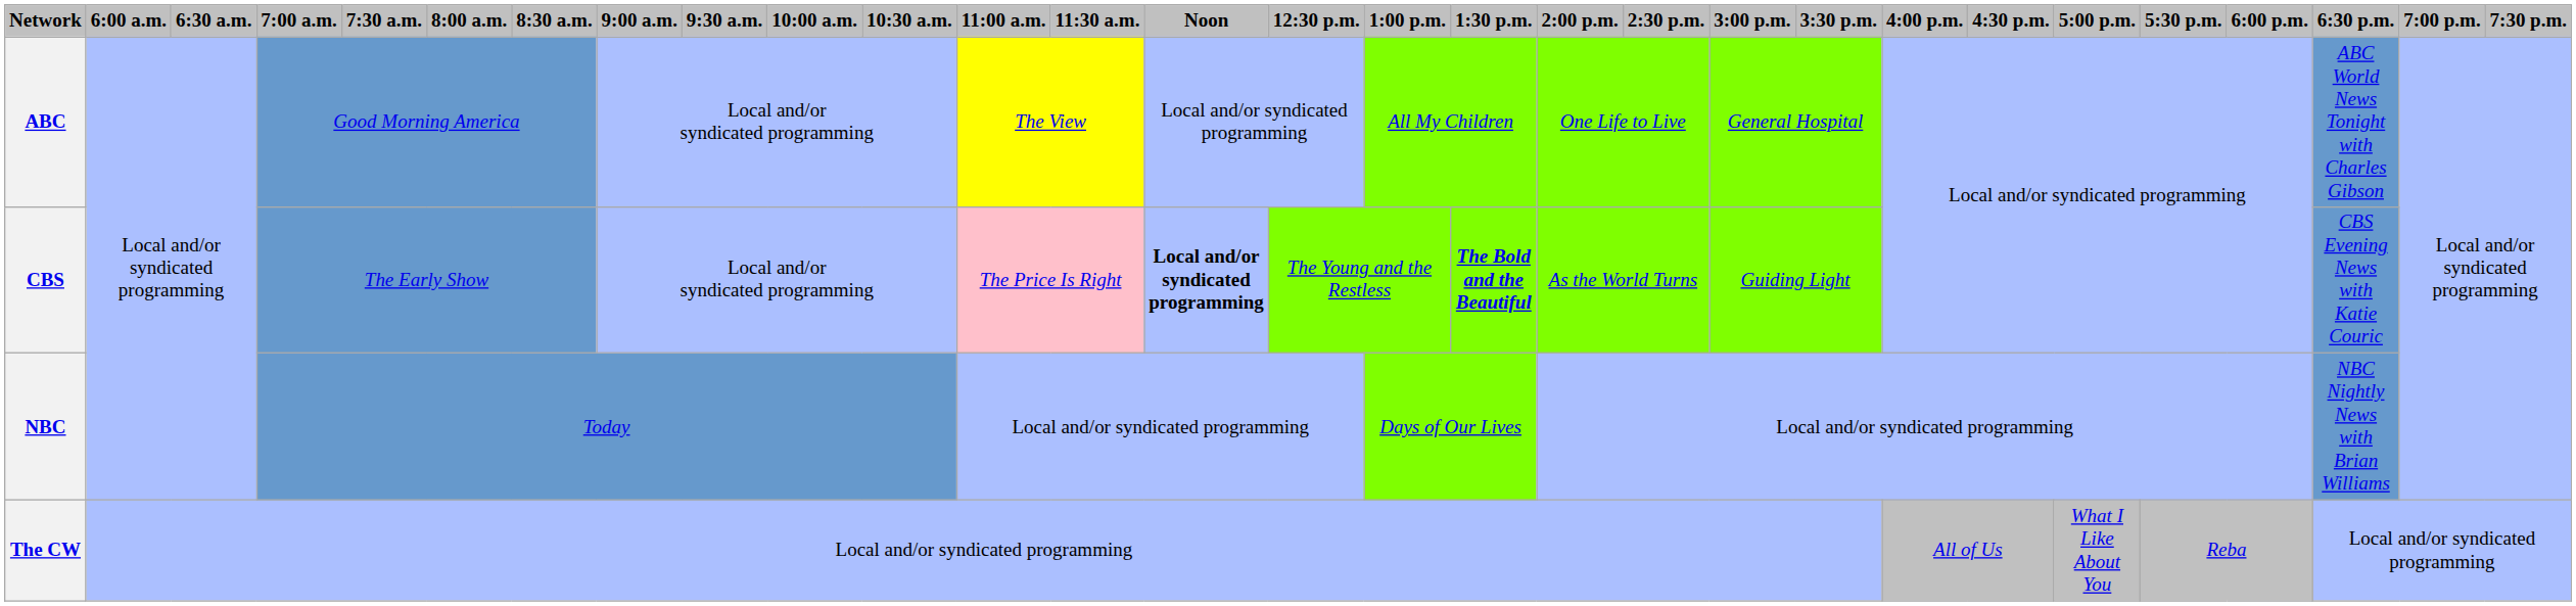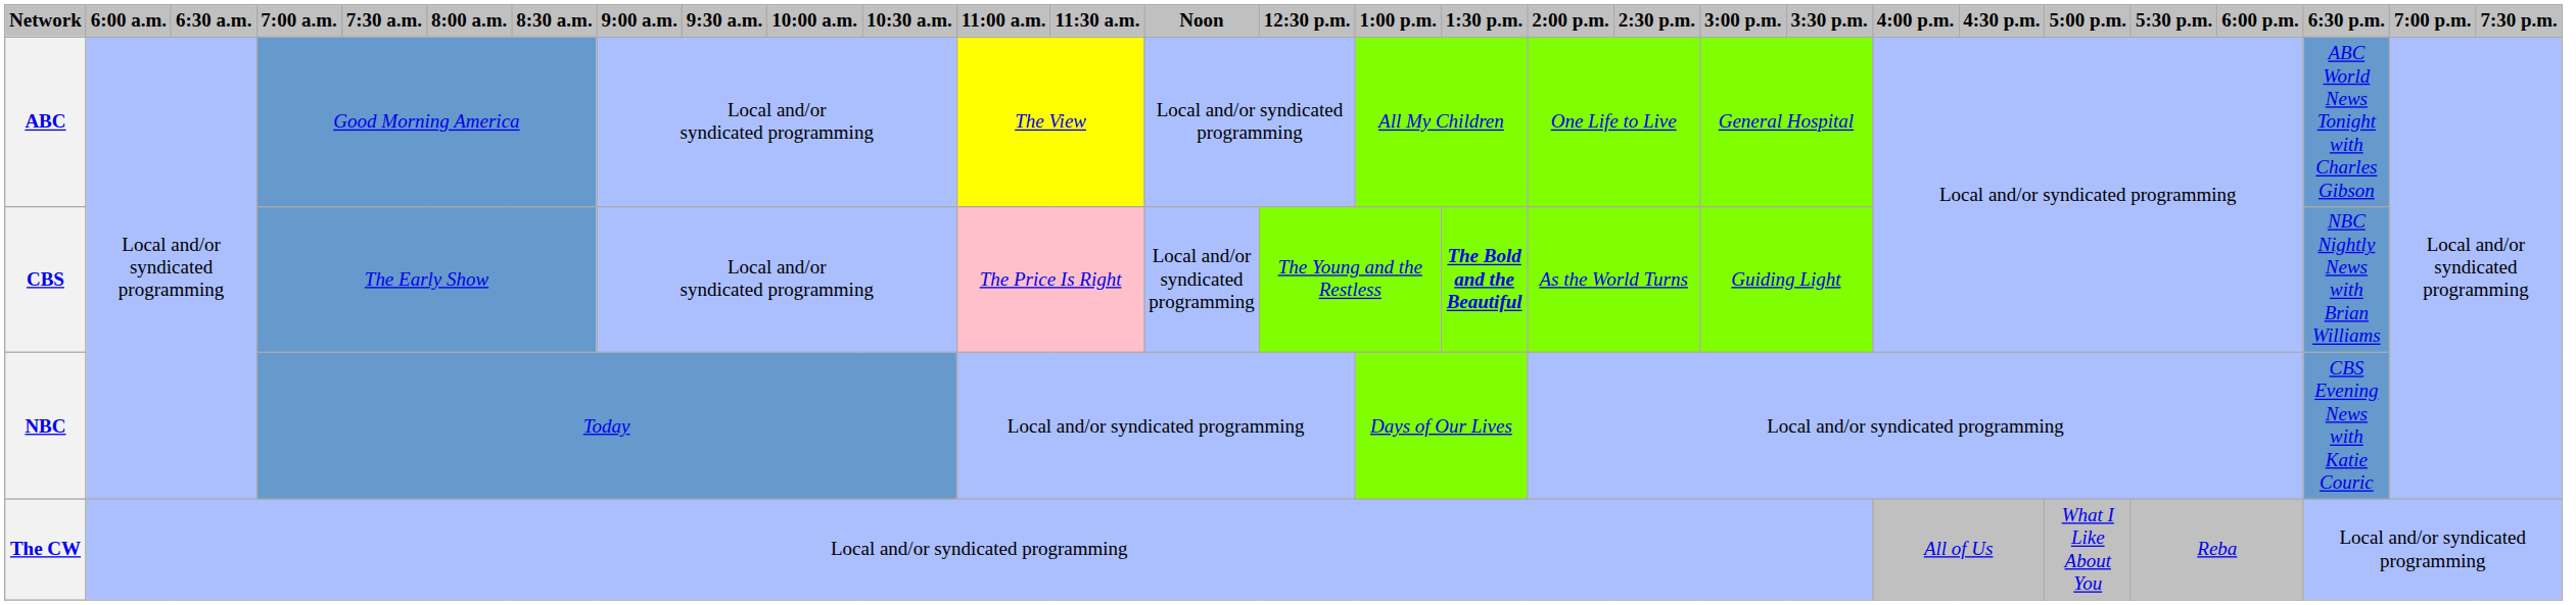 <table class="wikitable sortable" style="width:100%;margin-right:0;font-size:90%;text-align:center">
 <tr>
 <th style="background:#C0C0C0; width:1.5%; text-align:center;">Network</th>
 <th width="4%" style="background:#C0C0C0; text-align:center;">6:00 a.m.</th>
 <th width="4%" style="background:#C0C0C0; text-align:center;">6:30 a.m.</th>
 <th width="4%" style="background:#C0C0C0; text-align:center;">7:00 a.m.</th>
 <th width="4%" style="background:#C0C0C0; text-align:center;">7:30 a.m.</th>
 <th width="4%" style="background:#C0C0C0; text-align:center;">8:00 a.m.</th>
 <th width="4%" style="background:#C0C0C0; text-align:center;">8:30 a.m.</th>
 <th width="4%" style="background:#C0C0C0; text-align:center;">9:00 a.m.</th>
 <th width="4%" style="background:#C0C0C0; text-align:center;">9:30 a.m.</th>
 <th width="4%" style="background:#C0C0C0; text-align:center;">10:00 a.m.</th>
 <th width="4%" style="background:#C0C0C0; text-align:center;">10:30 a.m.</th>
 <th width="4%" style="background:#C0C0C0; text-align:center;">11:00 a.m.</th>
 <th width="4%" style="background:#C0C0C0; text-align:center;">11:30 a.m.</th>
 <th width="4%" style="background:#C0C0C0; text-align:center;">Noon</th>
 <th width="4%" style="background:#C0C0C0; text-align:center;">12:30 p.m.</th>
 <th width="4%" style="background:#C0C0C0; text-align:center;">1:00 p.m.</th>
 <th width="4%" style="background:#C0C0C0; text-align:center;">1:30 p.m.</th>
 <th width="4%" style="background:#C0C0C0; text-align:center;">2:00 p.m.</th>
 <th width="4%" style="background:#C0C0C0; text-align:center;">2:30 p.m.</th>
 <th width="4%" style="background:#C0C0C0; text-align:center;">3:00 p.m.</th>
 <th width="4%" style="background:#C0C0C0; text-align:center;">3:30 p.m.</th>
 <th width="4%" style="background:#C0C0C0; text-align:center;">4:00 p.m.</th>
 <th width="4%" style="background:#C0C0C0; text-align:center;">4:30 p.m.</th>
 <th width="4%" style="background:#C0C0C0; text-align:center;">5:00 p.m.</th>
 <th width="4%" style="background:#C0C0C0; text-align:center;">5:30 p.m.</th>
 <th width="4%" style="background:#C0C0C0; text-align:center;">6:00 p.m.</th>
 <th width="4%" style="background:#C0C0C0; text-align:center;">6:30 p.m.</th>
 <th width="4%" style="background:#C0C0C0; text-align:center;">7:00 p.m.</th>
 <th width="4%" style="background:#C0C0C0; text-align:center;">7:30 p.m.</th>
 </tr>
 <tr>
 <th><a href='#'>ABC</a></th>
 <td colspan="2" rowspan="3" style="background:#abbfff;">Local and/or syndicated programming</td>
 <td colspan="4" style="background: #6699CC;"><em><a href='#'>Good Morning America</a></em></td>
 <td colspan="4" style="background:#abbfff;">Local and/or<br>syndicated programming</td>
 <td colspan="2" style="background:#ffff00;"><em><a href='#'>The View</a></em></td>
 <td colspan="2" style="background:#abbfff;">Local and/or syndicated programming</td>
 <td colspan="2" style="background:chartreuse"><em><a href='#'>All My Children</a></em></td>
 <td colspan="2" style="background:chartreuse"><em><a href='#'>One Life to Live</a></em></td>
 <td colspan="2" style="background: chartreuse"><em><a href='#'>General Hospital</a></em></td>
 <td colspan="5" rowspan="2" style="background:#abbfff;">Local and/or syndicated programming</td>
 <td style="background: #6699CC"><em><a href='#'>ABC World News Tonight with Charles Gibson</a></em></td>
 <td colspan="2" rowspan="3" style="background:#abbfff;">Local and/or syndicated programming</td>
 </tr>
 <tr>
 <th><a href='#'>CBS</a></th>
 <td colspan="4" style="background: #6699CC;"><em><a href='#'>The Early Show</a></em></td>
 <td colspan="4" style="background:#abbfff;">Local and/or<br>syndicated programming</td>
 <td colspan="2" style="background:#ffc0cb;"><em><a href='#'>The Price Is Right</a></em></td>
-<td style="background:#abbfff;"><strong>Local and/or syndicated programming</strong></td>
+<td style="background:#abbfff;">Local and/or syndicated programming</td>
 <td colspan="2" style="background:chartreuse"><em><a href='#'>The Young and the Restless</a></em></td>
 <td style="background:chartreuse"><strong><em><a href='#'>The Bold and the Beautiful</a></em></strong></td>
 <td colspan="2" style="background:chartreuse"><em><a href='#'>As the World Turns</a></em></td>
 <td colspan="2" style="background:chartreuse"><em><a href='#'>Guiding Light</a></em></td>
-<td style="background: #6699CC;"><em><a href='#'>CBS Evening News with Katie Couric</a></em></td>
+<td style="background: #6699CC;"><em><a href='#'>NBC Nightly News with Brian Williams</a></em></td>
 </tr>
 <tr>
 <th><a href='#'>NBC</a></th>
 <td colspan="8" style="background: #6699CC;"><em><a href='#'>Today</a></em></td>
 <td colspan="4" style="background:#abbfff;">Local and/or syndicated programming</td>
 <td colspan="2" style="background: chartreuse"><em><a href='#'>Days of Our Lives</a></em></td>
 <td colspan="9" style="background:#abbfff;">Local and/or syndicated programming</td>
-<td style="background: #6699CC;"><em><a href='#'>NBC Nightly News with Brian Williams</a></em></td>
+<td style="background: #6699CC;"><em><a href='#'>CBS Evening News with Katie Couric</a></em></td>
 </tr>
 <tr>
 <th><a href='#'>The CW</a></th>
 <td colspan="20" style="background:#abbfff;">Local and/or syndicated programming</td>
 <td style="background:#C0C0C0;" colspan="2"><em><a href='#'>All of Us</a></em> </td>
 <td style="background:#C0C0C0;"><em><a href='#'>What I Like About You</a></em> </td>
 <td style="background:#C0C0C0;" colspan="2"><em><a href='#'>Reba</a></em> </td>
 <td colspan="4" style="background:#abbfff;">Local and/or syndicated programming</td>
 </tr>
 </table>
